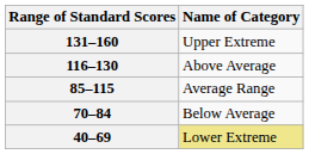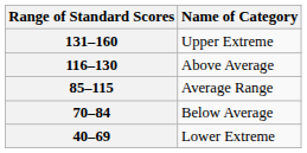 <table class="wikitable">
 <tr>
 <th>Range of Standard Scores</th>
 <th>Name of Category</th>
 </tr>
 <tr>
 <th>131–160</th>
 <td>Upper Extreme</td>
 </tr>
 <tr>
 <th>116–130</th>
 <td>Above Average</td>
 </tr>
 <tr>
 <th>85–115</th>
 <td>Average Range</td>
 </tr>
 <tr>
 <th>70–84</th>
 <td>Below Average</td>
 </tr>
 <tr>
 <th>40–69</th>
-<td style="background: khaki;">Lower Extreme</td>
+<td>Lower Extreme</td>
 </tr>
 </table>
